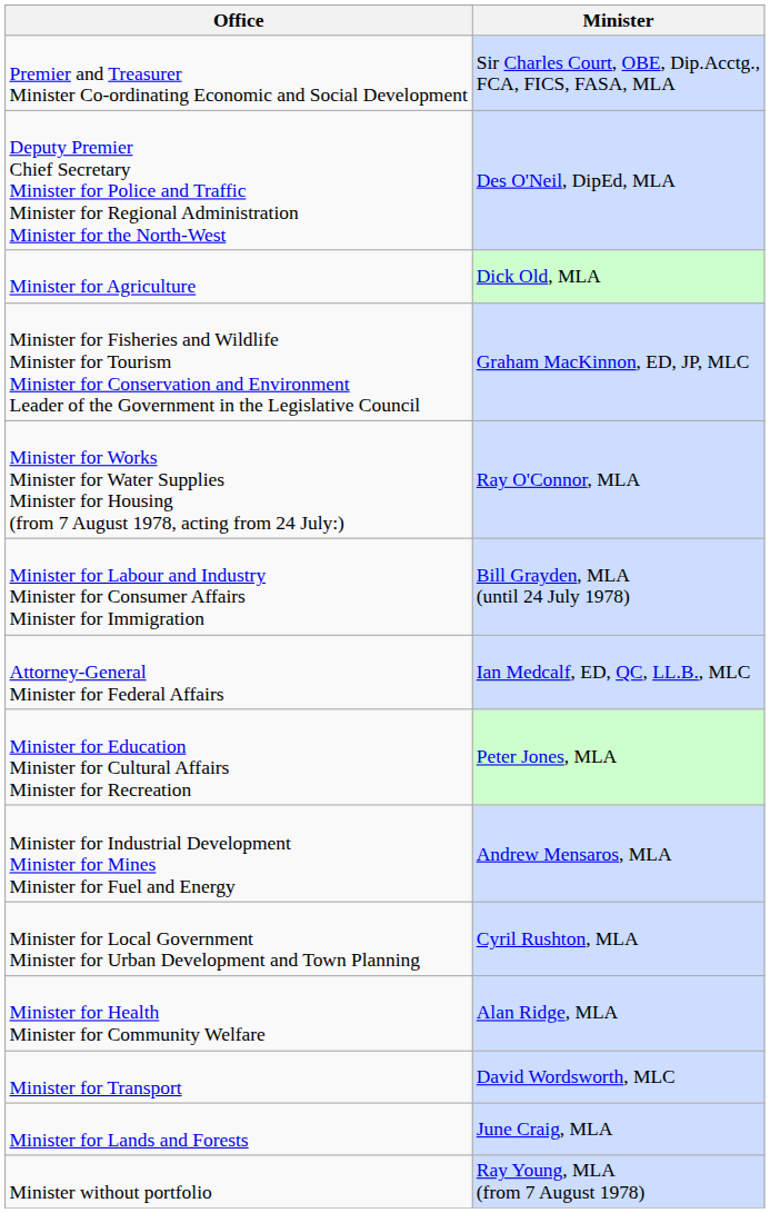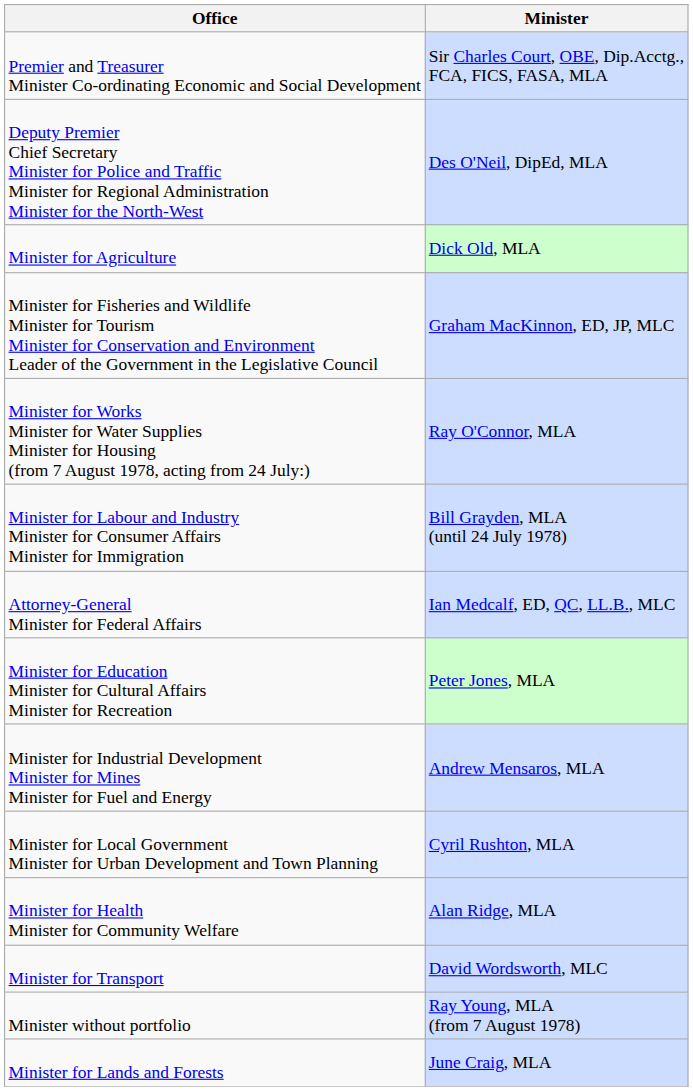 <table class="wikitable">
 <tr>
 <th>Office</th>
 <th>Minister</th>
 </tr>
 <tr>
 <td><br><a href='#'>Premier</a> and <a href='#'>Treasurer</a><br> Minister Co-ordinating Economic and Social Development<br></td>
 <td style="background:#CCDDFF">Sir <a href='#'>Charles Court</a>, <a href='#'>OBE</a>, Dip.Acctg.,<br>FCA, FICS, FASA, MLA</td>
 </tr>
 <tr>
 <td><br><a href='#'>Deputy Premier</a><br> Chief Secretary<br> <a href='#'>Minister for Police and Traffic</a><br> Minister for Regional Administration<br> <a href='#'>Minister for the North-West</a><br></td>
 <td style="background:#CCDDFF"><a href='#'>Des O'Neil</a>, DipEd, MLA</td>
 </tr>
 <tr>
 <td><br><a href='#'>Minister for Agriculture</a><br></td>
 <td style="background:#CCFFCC"><a href='#'>Dick Old</a>, MLA</td>
 </tr>
 <tr>
 <td><br>Minister for Fisheries and Wildlife<br> Minister for Tourism<br> <a href='#'>Minister for Conservation and Environment</a><br> Leader of the Government in the Legislative Council<br></td>
 <td style="background:#CCDDFF"><a href='#'>Graham MacKinnon</a>, ED, JP, MLC</td>
 </tr>
 <tr>
 <td><br><a href='#'>Minister for Works</a><br> Minister for Water Supplies<br> Minister for Housing<br>(from 7 August 1978, acting from 24 July:)<br></td>
 <td style="background:#CCDDFF"><a href='#'>Ray O'Connor</a>, MLA</td>
 </tr>
 <tr>
 <td><br><a href='#'>Minister for Labour and Industry</a><br> Minister for Consumer Affairs<br> Minister for Immigration<br></td>
 <td style="background:#CCDDFF"><a href='#'>Bill Grayden</a>, MLA<br>(until 24 July 1978)</td>
 </tr>
 <tr>
 <td><br><a href='#'>Attorney-General</a><br> Minister for Federal Affairs</td>
 <td style="background:#CCDDFF"><a href='#'>Ian Medcalf</a>, ED, <a href='#'>QC</a>, <a href='#'>LL.B.</a>, MLC</td>
 </tr>
 <tr>
 <td><br><a href='#'>Minister for Education</a><br> Minister for Cultural Affairs<br> Minister for Recreation<br></td>
 <td style="background:#CCFFCC"><a href='#'>Peter Jones</a>, MLA</td>
 </tr>
 <tr>
 <td><br>Minister for Industrial Development<br> <a href='#'>Minister for Mines</a><br> Minister for Fuel and Energy</td>
 <td style="background:#CCDDFF"><a href='#'>Andrew Mensaros</a>, MLA</td>
 </tr>
 <tr>
 <td><br>Minister for Local Government<br> Minister for Urban Development and Town Planning<br></td>
 <td style="background:#CCDDFF"><a href='#'>Cyril Rushton</a>, MLA</td>
 </tr>
 <tr>
 <td><br><a href='#'>Minister for Health</a><br> Minister for Community Welfare<br></td>
 <td style="background:#CCDDFF"><a href='#'>Alan Ridge</a>, MLA</td>
 </tr>
 <tr>
 <td><br><a href='#'>Minister for Transport</a><br></td>
 <td style="background:#CCDDFF"><a href='#'>David Wordsworth</a>, MLC</td>
 </tr>
 <tr>
+<td><br>Minister without portfolio<br></td>
+<td style="background:#CCDDFF"><a href='#'>Ray Young</a>, MLA<br>(from 7 August 1978)</td>
+</tr>
+<tr>
 <td><br><a href='#'>Minister for Lands and Forests</a><br></td>
 <td style="background:#CCDDFF"><a href='#'>June Craig</a>, MLA</td>
 </tr>
-<tr>
-<td><br>Minister without portfolio<br></td>
-<td style="background:#CCDDFF"><a href='#'>Ray Young</a>, MLA<br>(from 7 August 1978)</td>
-</tr>
 </table>
